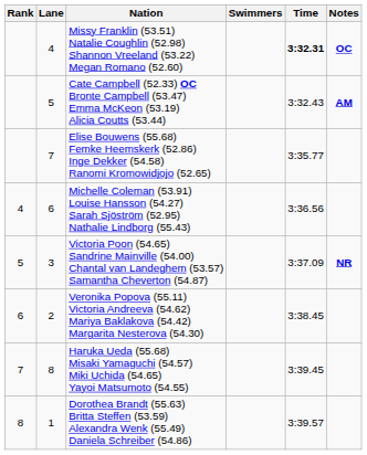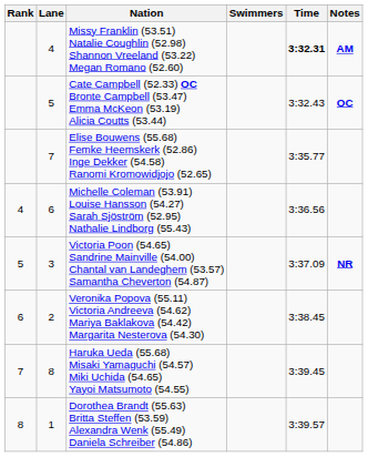 <table class="wikitable sortable" style="text-align:center">
 <tr>
 <th>Rank</th>
 <th>Lane</th>
 <th>Nation</th>
 <th>Swimmers</th>
 <th>Time</th>
 <th>Notes</th>
 </tr>
 <tr>
 <td></td>
 <td>4</td>
 <td align=left><a href='#'>Missy Franklin</a> (53.51)<br><a href='#'>Natalie Coughlin</a> (52.98)<br><a href='#'>Shannon Vreeland</a> (53.22)<br><a href='#'>Megan Romano</a> (52.60)</td>
 <td align=left></td>
 <td><strong>3:32.31</strong></td>
-<td><strong><a href='#'>OC</a></strong></td>
+<td><strong><a href='#'>AM</a></strong></td>
 </tr>
 <tr>
 <td></td>
 <td>5</td>
 <td align=left><a href='#'>Cate Campbell</a> (52.33) <strong><a href='#'>OC</a></strong><br><a href='#'>Bronte Campbell</a> (53.47)<br><a href='#'>Emma McKeon</a> (53.19)<br><a href='#'>Alicia Coutts</a> (53.44)</td>
 <td align=left></td>
 <td>3:32.43</td>
-<td><strong><a href='#'>AM</a></strong></td>
+<td><strong><a href='#'>OC</a></strong></td>
 </tr>
 <tr>
 <td></td>
 <td>7</td>
 <td align=left><a href='#'>Elise Bouwens</a> (55.68)<br><a href='#'>Femke Heemskerk</a> (52.86)<br><a href='#'>Inge Dekker</a> (54.58)<br><a href='#'>Ranomi Kromowidjojo</a> (52.65)</td>
 <td align=left></td>
 <td>3:35.77</td>
 <td></td>
 </tr>
 <tr>
 <td>4</td>
 <td>6</td>
 <td align=left><a href='#'>Michelle Coleman</a> (53.91)<br><a href='#'>Louise Hansson</a> (54.27)<br><a href='#'>Sarah Sjöström</a> (52.95)<br><a href='#'>Nathalie Lindborg</a> (55.43)</td>
 <td align=left></td>
 <td>3:36.56</td>
 <td></td>
 </tr>
 <tr>
 <td>5</td>
 <td>3</td>
 <td align=left><a href='#'>Victoria Poon</a> (54.65)<br><a href='#'>Sandrine Mainville</a> (54.00)<br><a href='#'>Chantal van Landeghem</a> (53.57)<br><a href='#'>Samantha Cheverton</a> (54.87)</td>
 <td align=left></td>
 <td>3:37.09</td>
 <td><strong><a href='#'>NR</a></strong></td>
 </tr>
 <tr>
 <td>6</td>
 <td>2</td>
 <td align=left><a href='#'>Veronika Popova</a> (55.11)<br><a href='#'>Victoria Andreeva</a> (54.62)<br><a href='#'>Mariya Baklakova</a> (54.42)<br><a href='#'>Margarita Nesterova</a> (54.30)</td>
 <td align=left></td>
 <td>3:38.45</td>
 <td></td>
 </tr>
 <tr>
 <td>7</td>
 <td>8</td>
 <td align=left><a href='#'>Haruka Ueda</a> (55.68)<br><a href='#'>Misaki Yamaguchi</a> (54.57)<br><a href='#'>Miki Uchida</a> (54.65)<br><a href='#'>Yayoi Matsumoto</a> (54.55)</td>
 <td align=left></td>
 <td>3:39.45</td>
 <td></td>
 </tr>
 <tr>
 <td>8</td>
 <td>1</td>
 <td align=left><a href='#'>Dorothea Brandt</a> (55.63)<br><a href='#'>Britta Steffen</a> (53.59)<br><a href='#'>Alexandra Wenk</a> (55.49)<br><a href='#'>Daniela Schreiber</a> (54.86)</td>
 <td align=left></td>
 <td>3:39.57</td>
 <td></td>
 </tr>
 </table>
